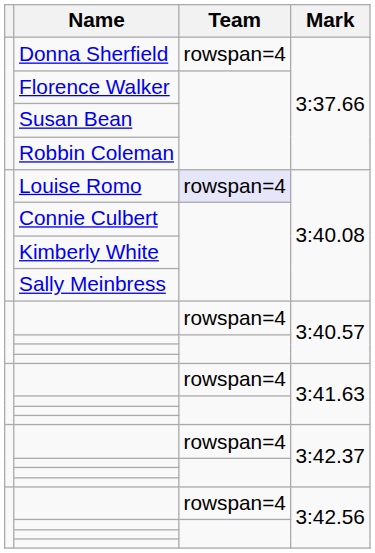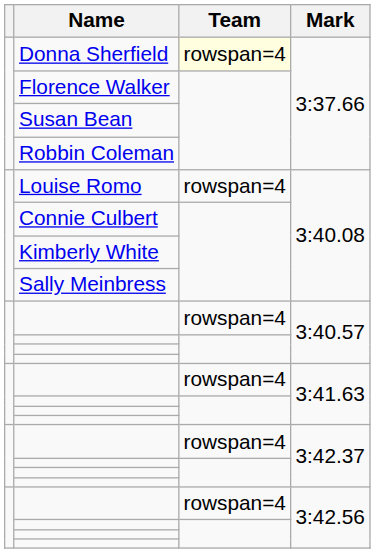 <table class=wikitable>
 <tr>
 <th></th>
 <th>Name</th>
 <th>Team</th>
 <th>Mark</th>
 </tr>
 <tr>
 <td rowspan=4></td>
 <td><a href='#'>Donna Sherfield</a></td>
-<td>rowspan=4 </td>
+<td style="background: lightyellow;">rowspan=4 </td>
 <td rowspan=4>3:37.66</td>
 </tr>
 <tr>
 <td><a href='#'>Florence Walker</a></td>
 </tr>
 <tr>
 <td><a href='#'>Susan Bean</a></td>
 </tr>
 <tr>
 <td><a href='#'>Robbin Coleman</a></td>
 </tr>
 <tr>
 <td rowspan=4></td>
 <td><a href='#'>Louise Romo</a></td>
-<td style="background: lavender;">rowspan=4 </td>
+<td>rowspan=4 </td>
 <td rowspan=4>3:40.08</td>
 </tr>
 <tr>
 <td><a href='#'>Connie Culbert</a></td>
 </tr>
 <tr>
 <td><a href='#'>Kimberly White</a></td>
 </tr>
 <tr>
 <td><a href='#'>Sally Meinbress</a></td>
 </tr>
 <tr>
 <td rowspan=4></td>
 <td></td>
 <td>rowspan=4 </td>
 <td rowspan=4>3:40.57</td>
 </tr>
 <tr>
 <td></td>
 </tr>
 <tr>
 <td></td>
 </tr>
 <tr>
 <td></td>
 </tr>
 <tr>
 <td rowspan=4></td>
 <td></td>
 <td>rowspan=4 </td>
 <td rowspan=4>3:41.63</td>
 </tr>
 <tr>
 <td></td>
 </tr>
 <tr>
 <td></td>
 </tr>
 <tr>
 <td></td>
 </tr>
 <tr>
 <td rowspan=4></td>
 <td></td>
 <td>rowspan=4 </td>
 <td rowspan=4>3:42.37</td>
 </tr>
 <tr>
 <td></td>
 </tr>
 <tr>
 <td></td>
 </tr>
 <tr>
 <td></td>
 </tr>
 <tr>
 <td rowspan=4></td>
 <td></td>
 <td>rowspan=4 </td>
 <td rowspan=4>3:42.56</td>
 </tr>
 <tr>
 <td></td>
 </tr>
 <tr>
 <td></td>
 </tr>
 <tr>
 <td></td>
 </tr>
 </table>
